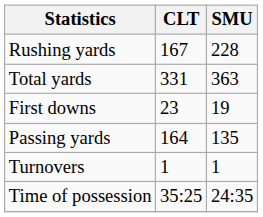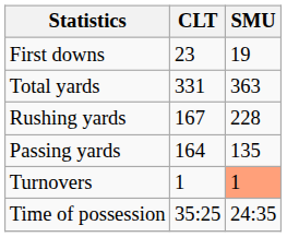 <table class="wikitable" style="float: left;">
 <tr>
 <th>Statistics</th>
 <th>CLT</th>
 <th>SMU</th>
 </tr>
 <tr>
-<td>Rushing yards</td>
-<td>167</td>
-<td>228</td>
+<td>First downs</td>
+<td>23</td>
+<td>19</td>
 </tr>
 <tr>
 <td>Total yards</td>
 <td>331</td>
 <td>363</td>
 </tr>
 <tr>
-<td>First downs</td>
-<td>23</td>
-<td>19</td>
+<td>Rushing yards</td>
+<td>167</td>
+<td>228</td>
 </tr>
 <tr>
 <td>Passing yards</td>
 <td>164</td>
 <td>135</td>
 </tr>
 <tr>
 <td>Turnovers</td>
 <td>1</td>
-<td>1</td>
+<td style="background: lightsalmon;">1</td>
 </tr>
 <tr>
 <td>Time of possession</td>
 <td>35:25</td>
 <td>24:35</td>
 </tr>
 <tr>
 </tr>
 </table>
